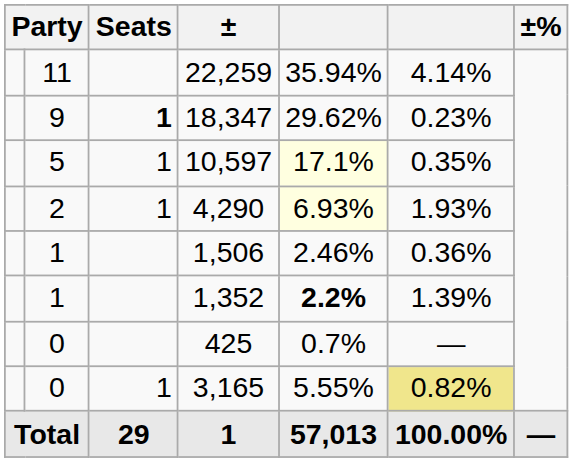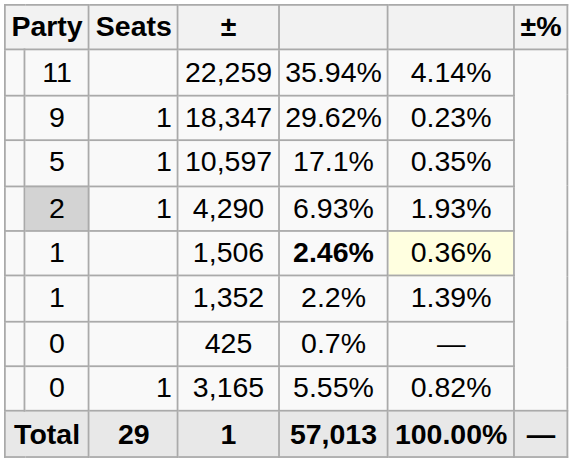 <table class=wikitable>
 <tr>
 <th colspan=2 align=center>Party</th>
 <th>Seats</th>
 <th>±</th>
 <th></th>
 <th></th>
 <th>±%</th>
 </tr>
 <tr>
 <td></td>
 <td align=center>11</td>
 <td align=right></td>
 <td align=center>22,259</td>
 <td align=center>35.94%</td>
 <td align=center> 4.14%</td>
 </tr>
 <tr>
 <td></td>
 <td align=center>9</td>
-<td align=right><strong> 1</strong></td>
+<td align=right> 1</td>
 <td align=center>18,347</td>
 <td align=center>29.62%</td>
 <td align=center> 0.23%</td>
 </tr>
 <tr>
 <td></td>
 <td align=center>5</td>
 <td align=right> 1</td>
 <td align=center>10,597</td>
-<td align=center style="background: lightyellow;">17.1%</td>
+<td align=center>17.1%</td>
 <td align=center> 0.35%</td>
 </tr>
 <tr>
 <td></td>
-<td align=center>2</td>
+<td align=center style="background: lightgrey;">2</td>
 <td align="right"> 1</td>
 <td align=center>4,290</td>
-<td align=center style="background: lightyellow;">6.93%</td>
+<td align=center>6.93%</td>
 <td align=center> 1.93%</td>
 </tr>
 <tr>
 <td></td>
 <td align=center>1</td>
 <td align=right></td>
 <td align=center>1,506</td>
-<td align=center>2.46%</td>
-<td align=center> 0.36%</td>
+<td align=center><strong>2.46%</strong></td>
+<td align=center style="background: lightyellow;"> 0.36%</td>
 </tr>
 <tr>
 <td></td>
 <td align=center>1</td>
 <td align=right></td>
 <td align=center>1,352</td>
-<td align=center><strong>2.2%</strong></td>
+<td align=center>2.2%</td>
 <td align=center> 1.39%</td>
 </tr>
 <tr>
 <td></td>
 <td align=center>0</td>
 <td align="right"></td>
 <td align=center>425</td>
 <td align=center>0.7%</td>
 <td align=center>—</td>
 </tr>
 <tr>
 <td></td>
 <td align=center>0</td>
 <td align="right"> 1</td>
 <td align=center>3,165</td>
 <td align=center>5.55%</td>
-<td align=center style="background: khaki;"> 0.82%</td>
+<td align=center> 0.82%</td>
 </tr>
 <tr style="font-weight:bold; background:rgb(232,232,232);">
 <td colspan=2 align=center>Total</td>
 <td align=center>29</td>
 <td align=center> 1</td>
 <td align=center>57,013</td>
 <td align=center>100.00%</td>
 <td align=center>—</td>
 </tr>
 </table>
